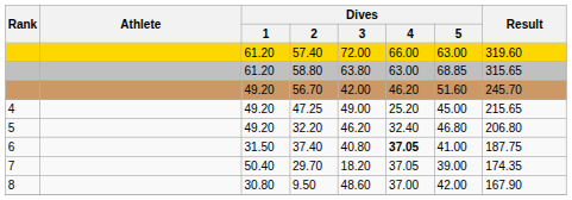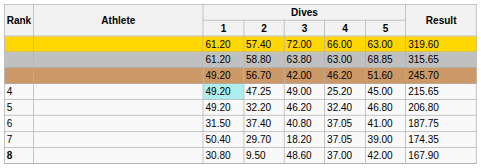 <table class="wikitable" style="font-size:95%" style="width:35em;" style="text-align:center">
 <tr>
 <th rowspan=2>Rank</th>
 <th rowspan=2 width=250>Athlete</th>
 <th colspan=5 width=300>Dives</th>
 <th rowspan=2 width=100>Result</th>
 </tr>
 <tr>
 <th>1</th>
 <th>2</th>
 <th>3</th>
 <th>4</th>
 <th>5</th>
 </tr>
 <tr bgcolor=gold>
 <td></td>
 <td align=left></td>
 <td>61.20</td>
 <td>57.40</td>
 <td>72.00</td>
 <td>66.00</td>
 <td>63.00</td>
 <td>319.60</td>
 </tr>
 <tr bgcolor=silver>
 <td></td>
 <td align=left></td>
 <td>61.20</td>
 <td>58.80</td>
 <td>63.80</td>
 <td>63.00</td>
 <td>68.85</td>
 <td>315.65</td>
 </tr>
 <tr bgcolor=cc9966>
 <td></td>
 <td align=left></td>
 <td>49.20</td>
 <td>56.70</td>
 <td>42.00</td>
 <td>46.20</td>
 <td>51.60</td>
 <td>245.70</td>
 </tr>
 <tr>
 <td>4</td>
 <td align=left></td>
-<td>49.20</td>
+<td style="background: paleturquoise;">49.20</td>
 <td>47.25</td>
 <td>49.00</td>
 <td>25.20</td>
 <td>45.00</td>
 <td>215.65</td>
 </tr>
 <tr>
 <td>5</td>
 <td align=left></td>
 <td>49.20</td>
 <td>32.20</td>
 <td>46.20</td>
 <td>32.40</td>
 <td>46.80</td>
 <td>206.80</td>
 </tr>
 <tr>
 <td>6</td>
 <td align=left></td>
 <td>31.50</td>
 <td>37.40</td>
 <td>40.80</td>
-<td><strong>37.05</strong></td>
+<td>37.05</td>
 <td>41.00</td>
 <td>187.75</td>
 </tr>
 <tr>
 <td>7</td>
 <td align=left></td>
 <td>50.40</td>
 <td>29.70</td>
 <td>18.20</td>
 <td>37.05</td>
 <td>39.00</td>
 <td>174.35</td>
 </tr>
 <tr>
-<td>8</td>
+<td><strong>8</strong></td>
 <td align=left></td>
 <td>30.80</td>
 <td>9.50</td>
 <td>48.60</td>
 <td>37.00</td>
 <td>42.00</td>
 <td>167.90</td>
 </tr>
 <tr>
 </tr>
 </table>
